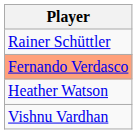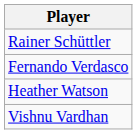 <table class="wikitable">
 <tr>
 <th>Player</th>
 </tr>
 <tr>
 <td> <a href='#'>Rainer Schüttler</a></td>
 </tr>
 <tr>
-<td style="background: lightsalmon;"> <a href='#'>Fernando Verdasco</a></td>
+<td> <a href='#'>Fernando Verdasco</a></td>
 </tr>
 <tr>
 <td> <a href='#'>Heather Watson</a></td>
 </tr>
 <tr>
 <td> <a href='#'>Vishnu Vardhan</a></td>
 </tr>
 </table>
